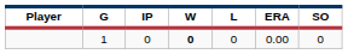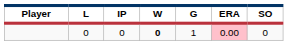 <table class="wikitable sortable">
 <tr>
 <th style="background:#FFFFFF; border-top:#023465 5px solid; border-bottom:#ba313c 5px solid;" width="16%">Player</th>
-<th style="background:#FFFFFF; border-top:#023465 5px solid; border-bottom:#ba313c 5px solid;" width="9%">G</th>
+<th style="background:#FFFFFF; border-top:#023465 5px solid; border-bottom:#ba313c 5px solid;" width="9%">L</th>
 <th style="background:#FFFFFF; border-top:#023465 5px solid; border-bottom:#ba313c 5px solid;" width="9%">IP</th>
 <th style="background:#FFFFFF; border-top:#023465 5px solid; border-bottom:#ba313c 5px solid;" width="9%">W</th>
-<th style="background:#FFFFFF; border-top:#023465 5px solid; border-bottom:#ba313c 5px solid;" width="9%">L</th>
+<th style="background:#FFFFFF; border-top:#023465 5px solid; border-bottom:#ba313c 5px solid;" width="9%">G</th>
 <th style="background:#FFFFFF; border-top:#023465 5px solid; border-bottom:#ba313c 5px solid;" width="9%">ERA</th>
 <th style="background:#FFFFFF; border-top:#023465 5px solid; border-bottom:#ba313c 5px solid;" width="9%">SO</th>
 </tr>
 <tr align="center">
 <td></td>
-<td>1</td>
+<td>0</td>
 <td>0</td>
 <td><strong>0</strong></td>
-<td>0</td>
-<td>0.00</td>
+<td>1</td>
+<td style="background: pink;">0.00</td>
 <td>0</td>
 </tr>
 </table>
